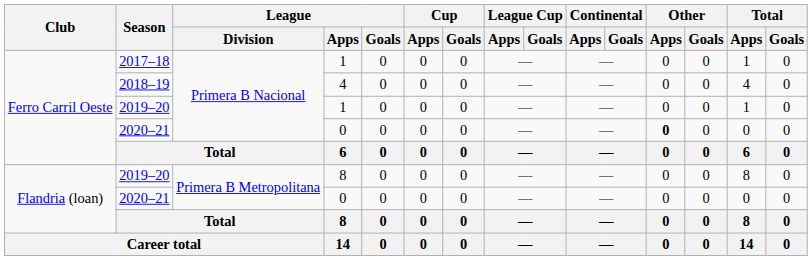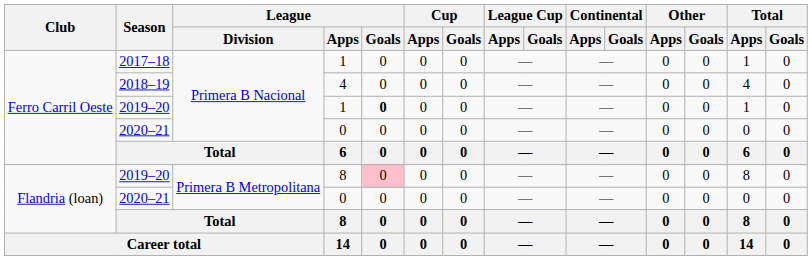 <table class="wikitable" style="text-align:center">
 <tr>
 <th rowspan="2">Club</th>
 <th rowspan="2">Season</th>
 <th colspan="3">League</th>
 <th colspan="2">Cup</th>
 <th colspan="2">League Cup</th>
 <th colspan="2">Continental</th>
 <th colspan="2">Other</th>
 <th colspan="2">Total</th>
 </tr>
 <tr>
 <th>Division</th>
 <th>Apps</th>
 <th>Goals</th>
 <th>Apps</th>
 <th>Goals</th>
 <th>Apps</th>
 <th>Goals</th>
 <th>Apps</th>
 <th>Goals</th>
 <th>Apps</th>
 <th>Goals</th>
 <th>Apps</th>
 <th>Goals</th>
 </tr>
 <tr>
 <td rowspan="5"><a href='#'>Ferro Carril Oeste</a></td>
 <td><a href='#'>2017–18</a></td>
 <td rowspan="4"><a href='#'>Primera B Nacional</a></td>
 <td>1</td>
 <td>0</td>
 <td>0</td>
 <td>0</td>
 <td colspan="2">—</td>
 <td colspan="2">—</td>
 <td>0</td>
 <td>0</td>
 <td>1</td>
 <td>0</td>
 </tr>
 <tr>
 <td><a href='#'>2018–19</a></td>
 <td>4</td>
 <td>0</td>
 <td>0</td>
 <td>0</td>
 <td colspan="2">—</td>
 <td colspan="2">—</td>
 <td>0</td>
 <td>0</td>
 <td>4</td>
 <td>0</td>
 </tr>
 <tr>
 <td><a href='#'>2019–20</a></td>
 <td>1</td>
-<td>0</td>
+<td><strong>0</strong></td>
 <td>0</td>
 <td>0</td>
 <td colspan="2">—</td>
 <td colspan="2">—</td>
 <td>0</td>
 <td>0</td>
 <td>1</td>
 <td>0</td>
 </tr>
 <tr>
 <td><a href='#'>2020–21</a></td>
 <td>0</td>
 <td>0</td>
 <td>0</td>
 <td>0</td>
 <td colspan="2">—</td>
 <td colspan="2">—</td>
-<td><strong>0</strong></td>
+<td>0</td>
 <td>0</td>
 <td>0</td>
 <td>0</td>
 </tr>
 <tr>
 <th colspan="2">Total</th>
 <th>6</th>
 <th>0</th>
 <th>0</th>
 <th>0</th>
 <th colspan="2">—</th>
 <th colspan="2">—</th>
 <th>0</th>
 <th>0</th>
 <th>6</th>
 <th>0</th>
 </tr>
 <tr>
 <td rowspan="3"><a href='#'>Flandria</a> (loan)</td>
 <td><a href='#'>2019–20</a></td>
 <td rowspan="2"><a href='#'>Primera B Metropolitana</a></td>
 <td>8</td>
-<td>0</td>
+<td style="background: pink;">0</td>
 <td>0</td>
 <td>0</td>
 <td colspan="2">—</td>
 <td colspan="2">—</td>
 <td>0</td>
 <td>0</td>
 <td>8</td>
 <td>0</td>
 </tr>
 <tr>
 <td><a href='#'>2020–21</a></td>
 <td>0</td>
 <td>0</td>
 <td>0</td>
 <td>0</td>
 <td colspan="2">—</td>
 <td colspan="2">—</td>
 <td>0</td>
 <td>0</td>
 <td>0</td>
 <td>0</td>
 </tr>
 <tr>
 <th colspan="2">Total</th>
 <th>8</th>
 <th>0</th>
 <th>0</th>
 <th>0</th>
 <th colspan="2">—</th>
 <th colspan="2">—</th>
 <th>0</th>
 <th>0</th>
 <th>8</th>
 <th>0</th>
 </tr>
 <tr>
 <th colspan="3">Career total</th>
 <th>14</th>
 <th>0</th>
 <th>0</th>
 <th>0</th>
 <th colspan="2">—</th>
 <th colspan="2">—</th>
 <th>0</th>
 <th>0</th>
 <th>14</th>
 <th>0</th>
 </tr>
 </table>
